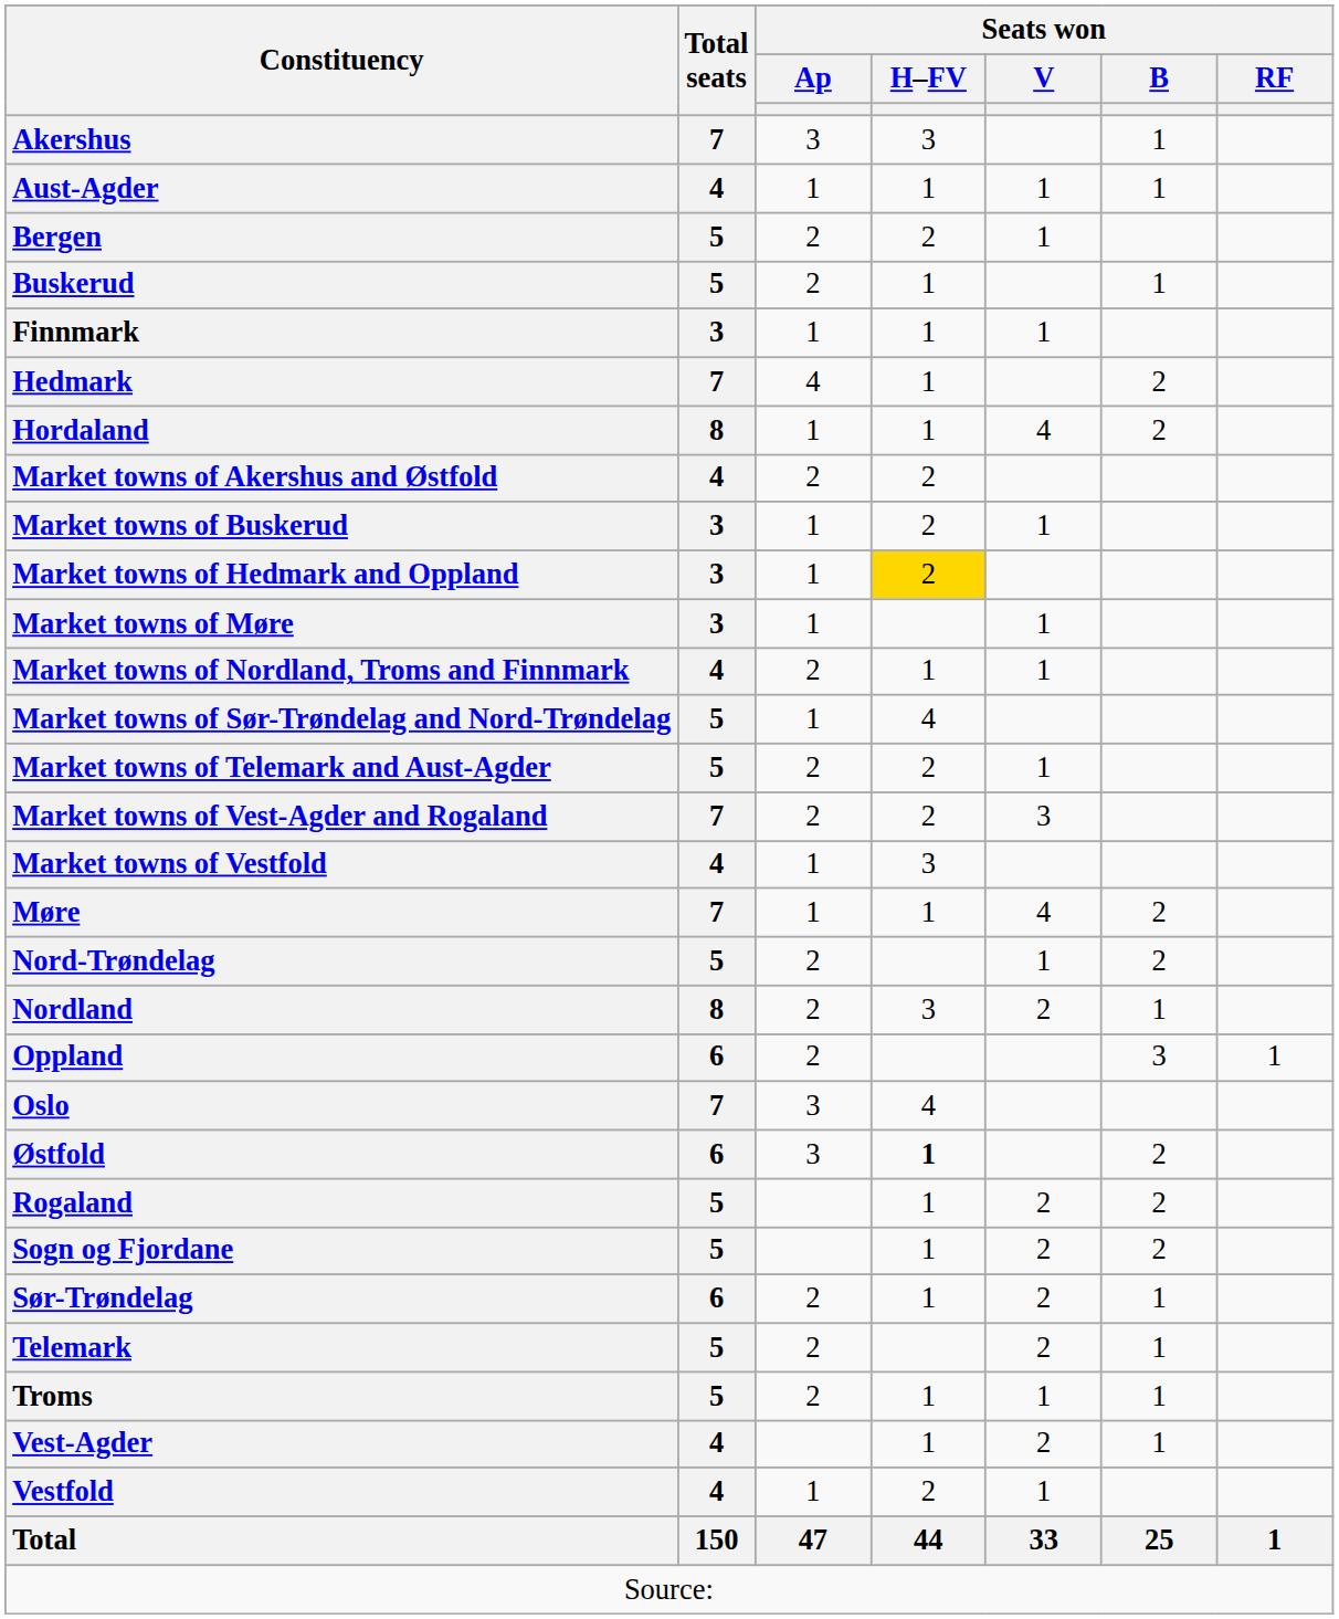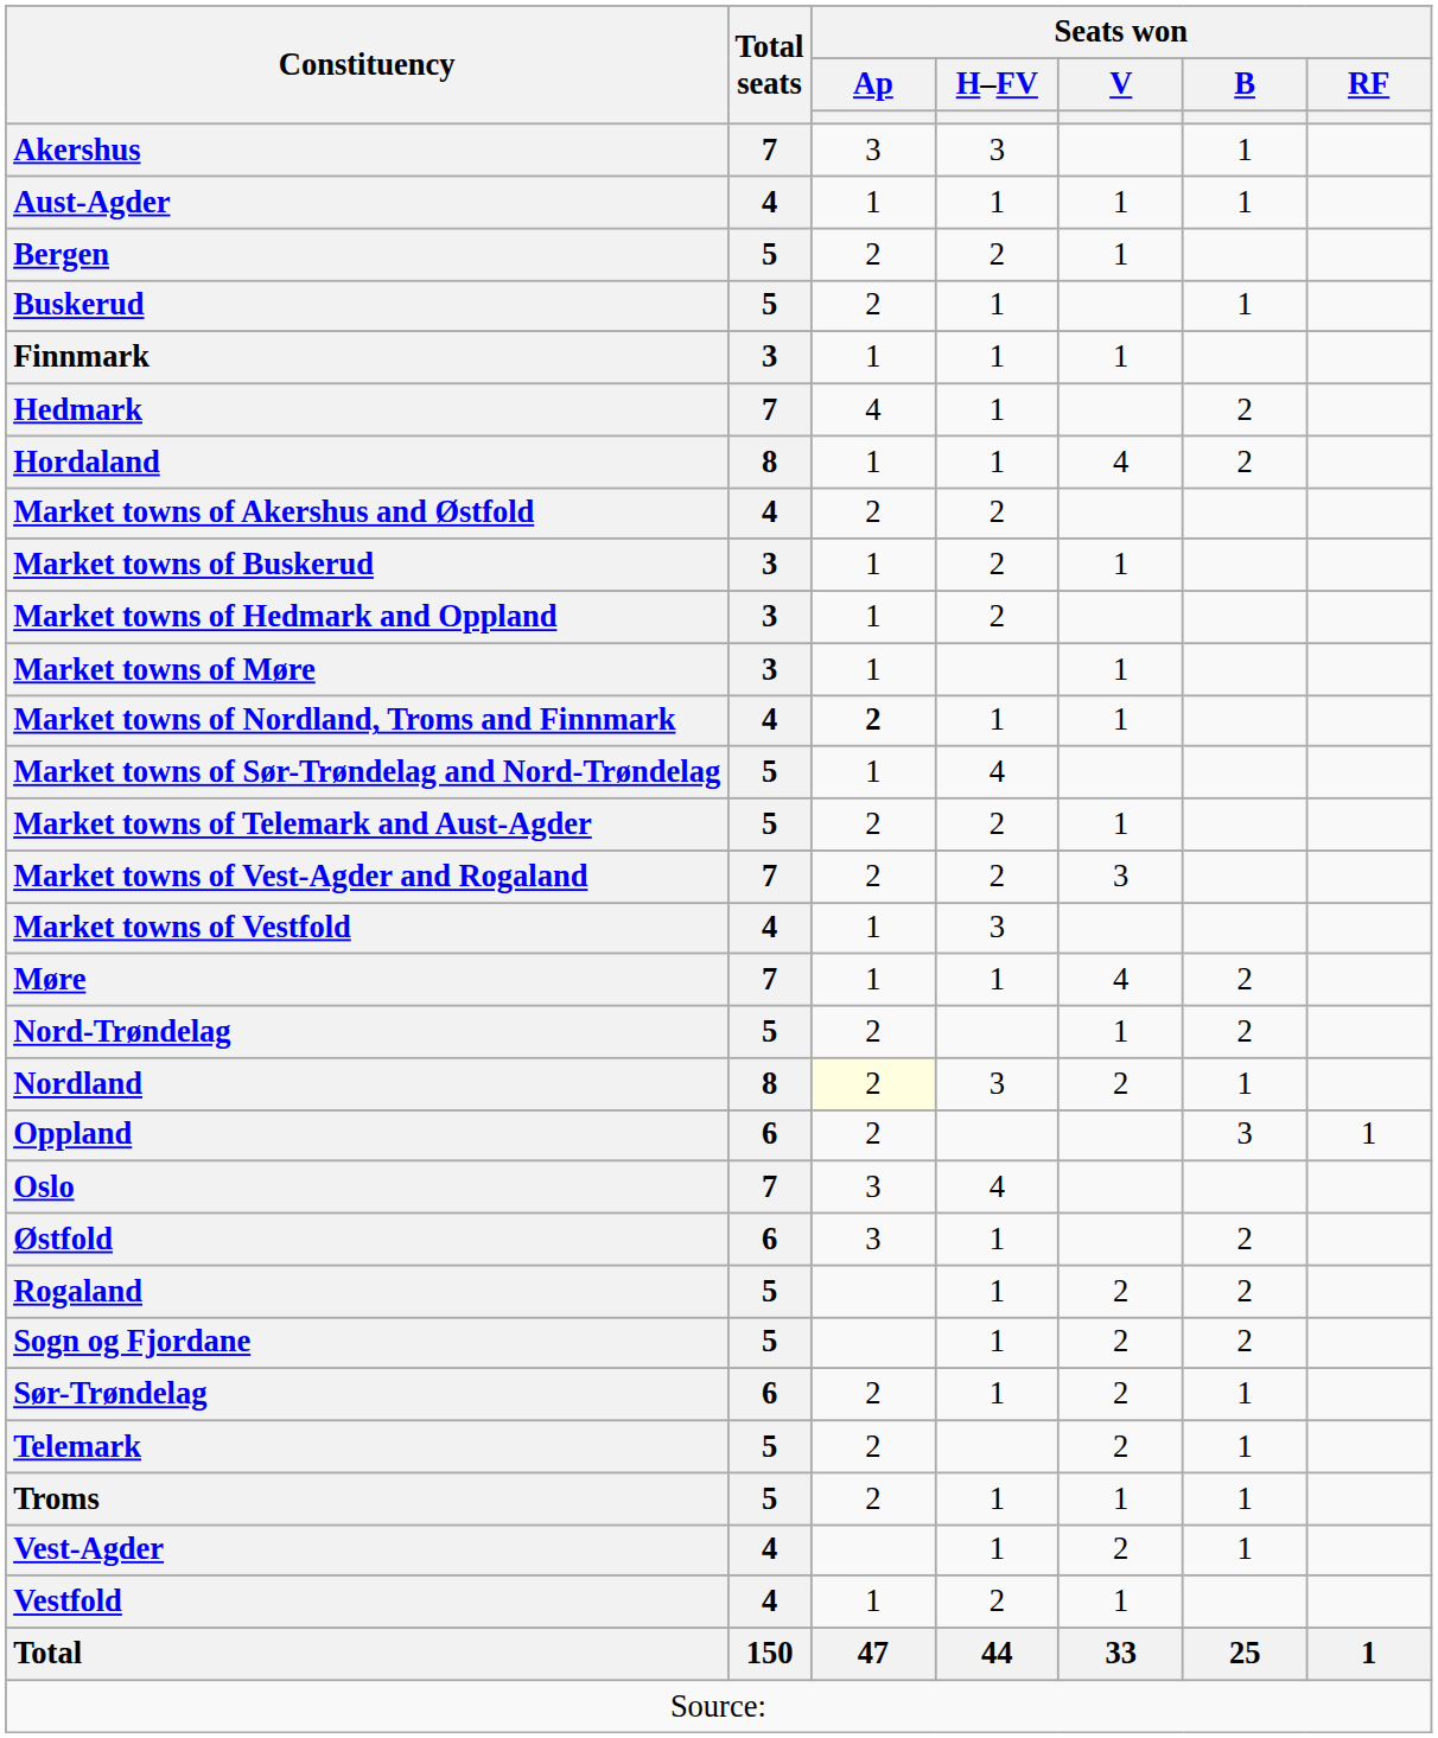 <table class="wikitable" style="text-align:center; font-size: 0.9em;">
 <tr>
 <th rowspan="3">Constituency</th>
 <th rowspan="3">Total<br>seats</th>
 <th colspan="5">Seats won</th>
 </tr>
 <tr>
 <th class="unsortable" style="width:50px;"><a href='#'>Ap</a></th>
 <th class="unsortable" style="width:50px;"><a href='#'>H</a>–<a href='#'>FV</a></th>
 <th class="unsortable" style="width:50px;"><a href='#'>V</a></th>
 <th class="unsortable" style="width:50px;"><a href='#'>B</a></th>
 <th class="unsortable" style="width:50px;"><a href='#'>RF</a></th>
 </tr>
 <tr>
 <th style="background:"></th>
 <th style="background:"></th>
 <th style="background:"></th>
 <th style="background:"></th>
 <th style="background:"></th>
 </tr>
 <tr>
 <th style="text-align: left;"><a href='#'>Akershus</a></th>
 <th>7</th>
 <td>3</td>
 <td>3</td>
 <td></td>
 <td>1</td>
 <td></td>
 </tr>
 <tr>
 <th style="text-align: left;"><a href='#'>Aust-Agder</a></th>
 <th>4</th>
 <td>1</td>
 <td>1</td>
 <td>1</td>
 <td>1</td>
 <td></td>
 </tr>
 <tr>
 <th style="text-align: left;"><a href='#'>Bergen</a></th>
 <th>5</th>
 <td>2</td>
 <td>2</td>
 <td>1</td>
 <td></td>
 <td></td>
 </tr>
 <tr>
 <th style="text-align: left;"><a href='#'>Buskerud</a></th>
 <th>5</th>
 <td>2</td>
 <td>1</td>
 <td></td>
 <td>1</td>
 <td></td>
 </tr>
 <tr>
 <th style="text-align: left;">Finnmark</th>
 <th>3</th>
 <td>1</td>
 <td>1</td>
 <td>1</td>
 <td></td>
 <td></td>
 </tr>
 <tr>
 <th style="text-align: left;"><a href='#'>Hedmark</a></th>
 <th>7</th>
 <td>4</td>
 <td>1</td>
 <td></td>
 <td>2</td>
 <td></td>
 </tr>
 <tr>
 <th style="text-align: left;"><a href='#'>Hordaland</a></th>
 <th>8</th>
 <td>1</td>
 <td>1</td>
 <td>4</td>
 <td>2</td>
 <td></td>
 </tr>
 <tr>
 <th style="text-align: left;"><a href='#'>Market towns of Akershus and Østfold</a></th>
 <th>4</th>
 <td>2</td>
 <td>2</td>
 <td></td>
 <td></td>
 <td></td>
 </tr>
 <tr>
 <th style="text-align: left;"><a href='#'>Market towns of Buskerud</a></th>
 <th>3</th>
 <td>1</td>
 <td>2</td>
 <td>1</td>
 <td></td>
 <td></td>
 </tr>
 <tr>
 <th style="text-align: left;"><a href='#'>Market towns of Hedmark and Oppland</a></th>
 <th>3</th>
 <td>1</td>
-<td style="background: gold;">2</td>
+<td>2</td>
 <td></td>
 <td></td>
 <td></td>
 </tr>
 <tr>
 <th style="text-align: left;"><a href='#'>Market towns of Møre</a></th>
 <th>3</th>
 <td>1</td>
 <td></td>
 <td>1</td>
 <td></td>
 <td></td>
 </tr>
 <tr>
 <th style="text-align: left;"><a href='#'>Market towns of Nordland, Troms and Finnmark</a></th>
 <th>4</th>
-<td>2</td>
+<td><strong>2</strong></td>
 <td>1</td>
 <td>1</td>
 <td></td>
 <td></td>
 </tr>
 <tr>
 <th style="text-align: left;"><a href='#'>Market towns of Sør-Trøndelag and Nord-Trøndelag</a></th>
 <th>5</th>
 <td>1</td>
 <td>4</td>
 <td></td>
 <td></td>
 <td></td>
 </tr>
 <tr>
 <th style="text-align: left;"><a href='#'>Market towns of Telemark and Aust-Agder</a></th>
 <th>5</th>
 <td>2</td>
 <td>2</td>
 <td>1</td>
 <td></td>
 <td></td>
 </tr>
 <tr>
 <th style="text-align: left;"><a href='#'>Market towns of Vest-Agder and Rogaland</a></th>
 <th>7</th>
 <td>2</td>
 <td>2</td>
 <td>3</td>
 <td></td>
 <td></td>
 </tr>
 <tr>
 <th style="text-align: left;"><a href='#'>Market towns of Vestfold</a></th>
 <th>4</th>
 <td>1</td>
 <td>3</td>
 <td></td>
 <td></td>
 <td></td>
 </tr>
 <tr>
 <th style="text-align: left;"><a href='#'>Møre</a></th>
 <th>7</th>
 <td>1</td>
 <td>1</td>
 <td>4</td>
 <td>2</td>
 <td></td>
 </tr>
 <tr>
 <th style="text-align: left;"><a href='#'>Nord-Trøndelag</a></th>
 <th>5</th>
 <td>2</td>
 <td></td>
 <td>1</td>
 <td>2</td>
 <td></td>
 </tr>
 <tr>
 <th style="text-align: left;"><a href='#'>Nordland</a></th>
 <th>8</th>
-<td>2</td>
+<td style="background: lightyellow;">2</td>
 <td>3</td>
 <td>2</td>
 <td>1</td>
 <td></td>
 </tr>
 <tr>
 <th style="text-align: left;"><a href='#'>Oppland</a></th>
 <th>6</th>
 <td>2</td>
 <td></td>
 <td></td>
 <td>3</td>
 <td>1</td>
 </tr>
 <tr>
 <th style="text-align: left;"><a href='#'>Oslo</a></th>
 <th>7</th>
 <td>3</td>
 <td>4</td>
 <td></td>
 <td></td>
 <td></td>
 </tr>
 <tr>
 <th style="text-align: left;"><a href='#'>Østfold</a></th>
 <th>6</th>
 <td>3</td>
-<td><strong>1</strong></td>
+<td>1</td>
 <td></td>
 <td>2</td>
 <td></td>
 </tr>
 <tr>
 <th style="text-align: left;"><a href='#'>Rogaland</a></th>
 <th>5</th>
 <td></td>
 <td>1</td>
 <td>2</td>
 <td>2</td>
 <td></td>
 </tr>
 <tr>
 <th style="text-align: left;"><a href='#'>Sogn og Fjordane</a></th>
 <th>5</th>
 <td></td>
 <td>1</td>
 <td>2</td>
 <td>2</td>
 <td></td>
 </tr>
 <tr>
 <th style="text-align: left;"><a href='#'>Sør-Trøndelag</a></th>
 <th>6</th>
 <td>2</td>
 <td>1</td>
 <td>2</td>
 <td>1</td>
 <td></td>
 </tr>
 <tr>
 <th style="text-align: left;"><a href='#'>Telemark</a></th>
 <th>5</th>
 <td>2</td>
 <td></td>
 <td>2</td>
 <td>1</td>
 <td></td>
 </tr>
 <tr>
 <th style="text-align: left;">Troms</th>
 <th>5</th>
 <td>2</td>
 <td>1</td>
 <td>1</td>
 <td>1</td>
 <td></td>
 </tr>
 <tr>
 <th style="text-align: left;"><a href='#'>Vest-Agder</a></th>
 <th>4</th>
 <td></td>
 <td>1</td>
 <td>2</td>
 <td>1</td>
 <td></td>
 </tr>
 <tr>
 <th style="text-align: left;"><a href='#'>Vestfold</a></th>
 <th>4</th>
 <td>1</td>
 <td>2</td>
 <td>1</td>
 <td></td>
 <td></td>
 </tr>
 <tr>
 <th style="text-align: left;">Total</th>
 <th>150</th>
 <th>47</th>
 <th>44</th>
 <th>33</th>
 <th>25</th>
 <th>1</th>
 </tr>
 <tr>
 <td colspan="7">Source: </td>
 </tr>
 </table>
